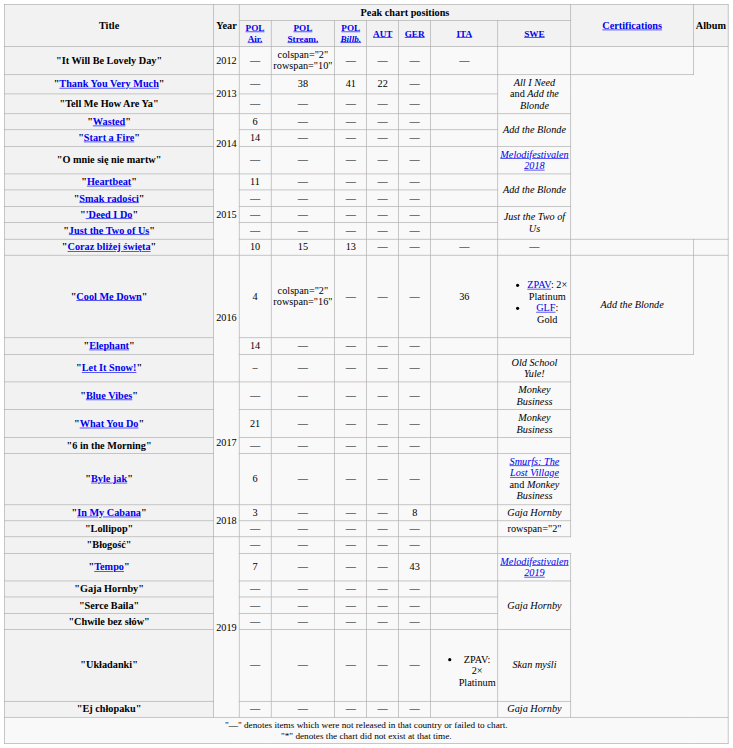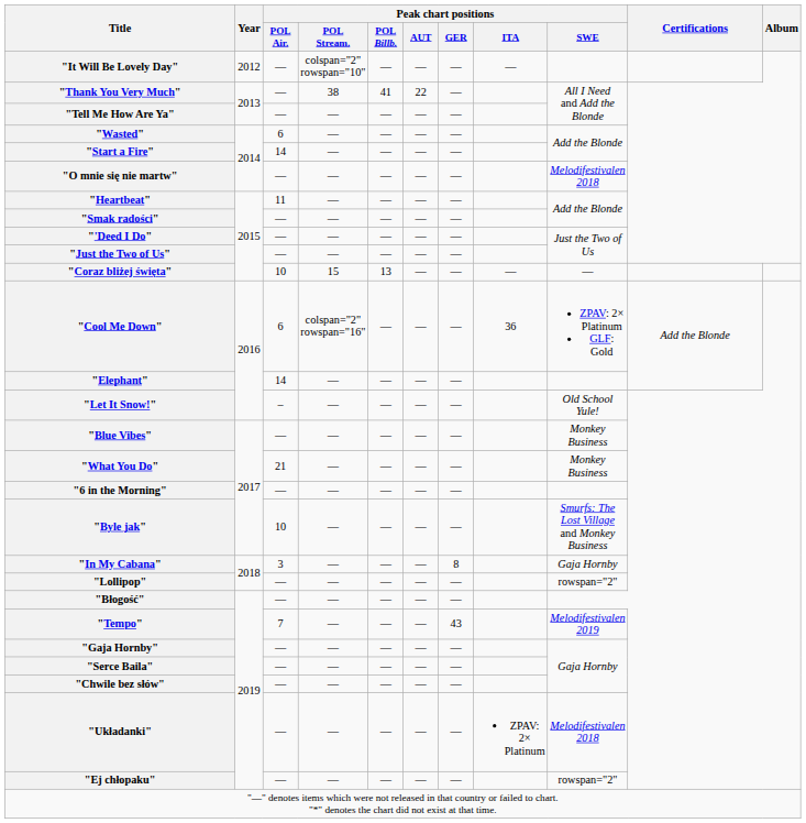 <table class="wikitable plainrowheaders" style="text-align:center;">
 <tr>
 <th scope="col" rowspan="2" style="width:20em;">Title</th>
 <th scope="col" rowspan="2" style="width:1em;">Year</th>
 <th scope="col" colspan="7">Peak chart positions</th>
 <th scope="col" rowspan="2" style="width:11.5em;"><a href='#'>Certifications</a></th>
 <th scope="col" rowspan="2">Album</th>
 </tr>
 <tr>
 <th style="width:3em;font-size:90%;"><a href='#'>POL<br>Air.</a><br></th>
 <th style="width:3em;font-size:90%;"><a href='#'>POL<br>Stream.</a><br></th>
 <th style="width:3em;font-size:90%;"><a href='#'>POL<br><em>Billb.</em></a><br></th>
 <th style="width:3em;font-size:90%;"><a href='#'>AUT</a><br></th>
 <th style="width:3em;font-size:90%;"><a href='#'>GER</a><br></th>
 <th style="width:3em;font-size:90%;"><a href='#'>ITA</a><br></th>
 <th style="width:3em;font-size:90%;"><a href='#'>SWE</a><br></th>
 </tr>
 <tr>
 <th scope="row">"It Will Be Lovely Day"</th>
 <td>2012</td>
 <td>—</td>
 <td>colspan="2" rowspan="10" </td>
 <td>—</td>
 <td>—</td>
 <td>—</td>
 <td>—</td>
 <td></td>
 <td></td>
 </tr>
 <tr>
 <th scope="row">"<a href='#'>Thank You Very Much</a>"</th>
 <td rowspan="2">2013</td>
 <td>—</td>
 <td>38</td>
 <td>41</td>
 <td>22</td>
 <td>—</td>
 <td></td>
 <td rowspan="2"><em>All I Need</em><br> and <em>Add the Blonde</em></td>
 </tr>
 <tr>
 <th scope="row">"Tell Me How Are Ya"</th>
 <td>—</td>
 <td>—</td>
 <td>—</td>
 <td>—</td>
 <td>—</td>
 <td></td>
 </tr>
 <tr>
 <th scope="row">"<a href='#'>Wasted</a>"</th>
 <td rowspan="3">2014</td>
 <td>6</td>
 <td>—</td>
 <td>—</td>
 <td>—</td>
 <td>—</td>
 <td></td>
 <td rowspan="2"><em>Add the Blonde</em></td>
 </tr>
 <tr>
 <th scope="row">"<a href='#'>Start a Fire</a>"<br></th>
 <td>14</td>
 <td>—</td>
 <td>—</td>
 <td>—</td>
 <td>—</td>
 <td></td>
 </tr>
 <tr>
 <th scope="row">"O mnie się nie martw"</th>
 <td>—</td>
 <td>—</td>
 <td>—</td>
 <td>—</td>
 <td>—</td>
 <td></td>
 <td><em><a href='#'>Melodifestivalen 2018</a></em></td>
 </tr>
 <tr>
 <th scope="row">"<a href='#'>Heartbeat</a>"</th>
 <td rowspan="5">2015</td>
 <td>11</td>
 <td>—</td>
 <td>—</td>
 <td>—</td>
 <td>—</td>
 <td></td>
 <td rowspan="2"><em>Add the Blonde</em></td>
 </tr>
 <tr>
 <th scope="row">"<a href='#'>Smak radości</a>"</th>
 <td>—</td>
 <td>—</td>
 <td>—</td>
 <td>—</td>
 <td>—</td>
 <td></td>
 </tr>
 <tr>
 <th scope="row">"<a href='#'>'Deed I Do</a>"<br></th>
 <td>—</td>
 <td>—</td>
 <td>—</td>
 <td>—</td>
 <td>—</td>
 <td></td>
 <td rowspan="2"><em>Just the Two of Us</em></td>
 </tr>
 <tr>
 <th scope="row">"<a href='#'>Just the Two of Us</a>"<br></th>
 <td>—</td>
 <td>—</td>
 <td>—</td>
 <td>—</td>
 <td>—</td>
 <td></td>
 </tr>
 <tr>
 <th scope="row">"<a href='#'>Coraz bliżej święta</a>"<br></th>
 <td>10</td>
 <td>15</td>
 <td>13</td>
 <td>—</td>
 <td>—</td>
 <td>—</td>
 <td>—</td>
 <td></td>
 <td></td>
 </tr>
 <tr>
 <th scope="row">"<a href='#'>Cool Me Down</a>"</th>
 <td rowspan="3">2016</td>
-<td>4</td>
+<td>6</td>
 <td>colspan="2" rowspan="16" </td>
 <td>—</td>
 <td>—</td>
 <td>—</td>
 <td>36</td>
 <td><br><ul><li><a href='#'>ZPAV</a>: 2× Platinum</li><li><a href='#'>GLF</a>: Gold</li></ul></td>
 <td rowspan="2"><em>Add the Blonde</em></td>
 </tr>
 <tr>
 <th scope="row">"<a href='#'>Elephant</a>"</th>
 <td>14</td>
 <td>—</td>
 <td>—</td>
 <td>—</td>
 <td>—</td>
 <td></td>
 </tr>
 <tr>
 <th scope="row">"<a href='#'>Let It Snow!</a>"<br></th>
 <td>–</td>
 <td>—</td>
 <td>—</td>
 <td>—</td>
 <td>—</td>
 <td></td>
 <td><em>Old School Yule!</em><br></td>
 </tr>
 <tr>
 <th scope="row">"<a href='#'>Blue Vibes</a>"</th>
 <td rowspan="4">2017</td>
 <td>—</td>
 <td>—</td>
 <td>—</td>
 <td>—</td>
 <td>—</td>
 <td></td>
 <td><em>Monkey Business</em></td>
 </tr>
 <tr>
 <th scope="row">"<a href='#'>What You Do</a>"</th>
 <td>21</td>
 <td>—</td>
 <td>—</td>
 <td>—</td>
 <td>—</td>
 <td></td>
 <td><em>Monkey Business</em></td>
 </tr>
 <tr>
 <th scope="row">"6 in the Morning"<br></th>
 <td>—</td>
 <td>—</td>
 <td>—</td>
 <td>—</td>
 <td>—</td>
 <td></td>
 <td></td>
 </tr>
 <tr>
 <th scope="row">"<a href='#'>Byle jak</a>"</th>
-<td>6</td>
+<td>10</td>
 <td>—</td>
 <td>—</td>
 <td>—</td>
 <td>—</td>
 <td></td>
 <td><em><a href='#'>Smurfs: The Lost Village</a></em><br> and <em>Monkey Business</em></td>
 </tr>
 <tr>
 <th scope="row">"<a href='#'>In My Cabana</a>"</th>
 <td rowspan="2">2018</td>
 <td>3</td>
 <td>—</td>
 <td>—</td>
 <td>—</td>
 <td>8</td>
 <td></td>
 <td><em>Gaja Hornby</em></td>
 </tr>
 <tr>
 <th scope="row">"Lollipop"</th>
 <td>—</td>
 <td>—</td>
 <td>—</td>
 <td>—</td>
 <td>—</td>
 <td></td>
 <td>rowspan="2" </td>
 </tr>
 <tr>
 <th scope="row">"Błogość"<br></th>
 <td rowspan="7">2019</td>
 <td>—</td>
 <td>—</td>
 <td>—</td>
 <td>—</td>
 <td>—</td>
 <td></td>
 </tr>
 <tr>
 <th scope="row">"<a href='#'>Tempo</a>"</th>
 <td>7</td>
 <td>—</td>
 <td>—</td>
 <td>—</td>
 <td>43</td>
 <td></td>
 <td><em><a href='#'>Melodifestivalen 2019</a></em></td>
 </tr>
 <tr>
 <th scope="row">"Gaja Hornby"</th>
 <td>—</td>
 <td>—</td>
 <td>—</td>
 <td>—</td>
 <td>—</td>
 <td></td>
 <td rowspan="3"><em>Gaja Hornby</em></td>
 </tr>
 <tr>
 <th scope="row">"Serce Baila"</th>
 <td>—</td>
 <td>—</td>
 <td>—</td>
 <td>—</td>
 <td>—</td>
 <td></td>
 </tr>
 <tr>
 <th scope="row">"Chwile bez słów"<br></th>
 <td>—</td>
 <td>—</td>
 <td>—</td>
 <td>—</td>
 <td>—</td>
 <td></td>
 </tr>
 <tr>
 <th scope="row">"Układanki"<br></th>
 <td>—</td>
 <td>—</td>
 <td>—</td>
 <td>—</td>
 <td>—</td>
 <td><br><ul><li>ZPAV: 2× Platinum</li></ul></td>
-<td><em>Skan myśli</em><br></td>
+<td><em><a href='#'>Melodifestivalen 2018</a></em></td>
 </tr>
 <tr>
 <th scope="row">"Ej chłopaku"</th>
 <td>—</td>
 <td>—</td>
 <td>—</td>
 <td>—</td>
 <td>—</td>
 <td></td>
-<td><em>Gaja Hornby</em></td>
+<td>rowspan="2" </td>
 </tr>
 <tr>
 <td colspan="11" style="font-size:90%;">"—" denotes items which were not released in that country or failed to chart.<br>"*" denotes the chart did not exist at that time.</td>
 </tr>
 </table>
